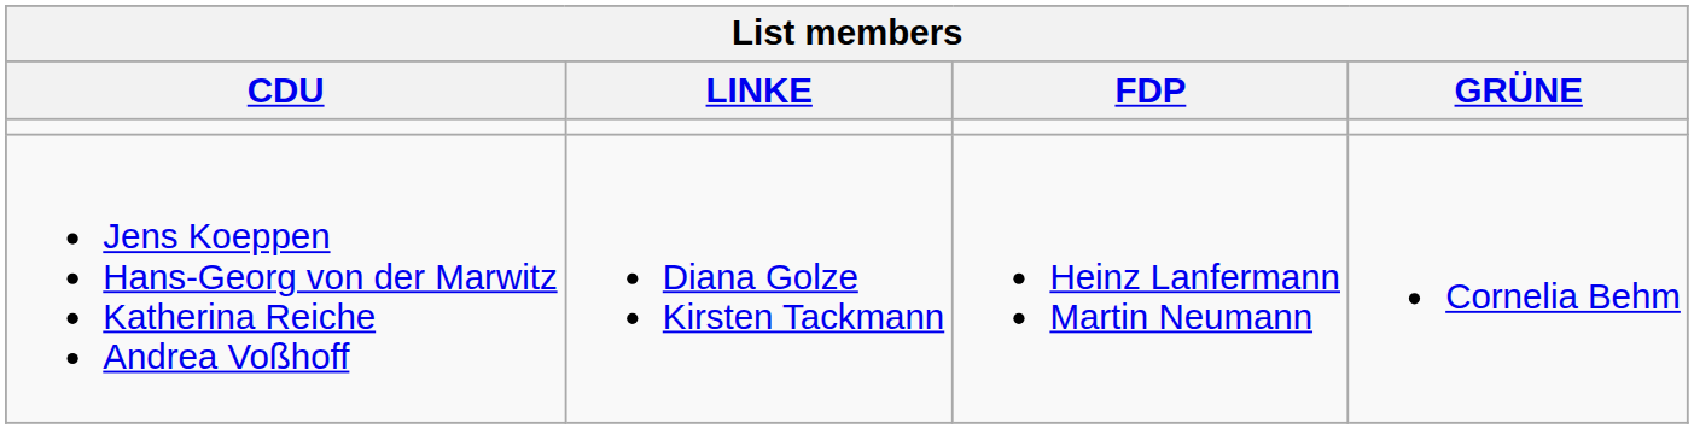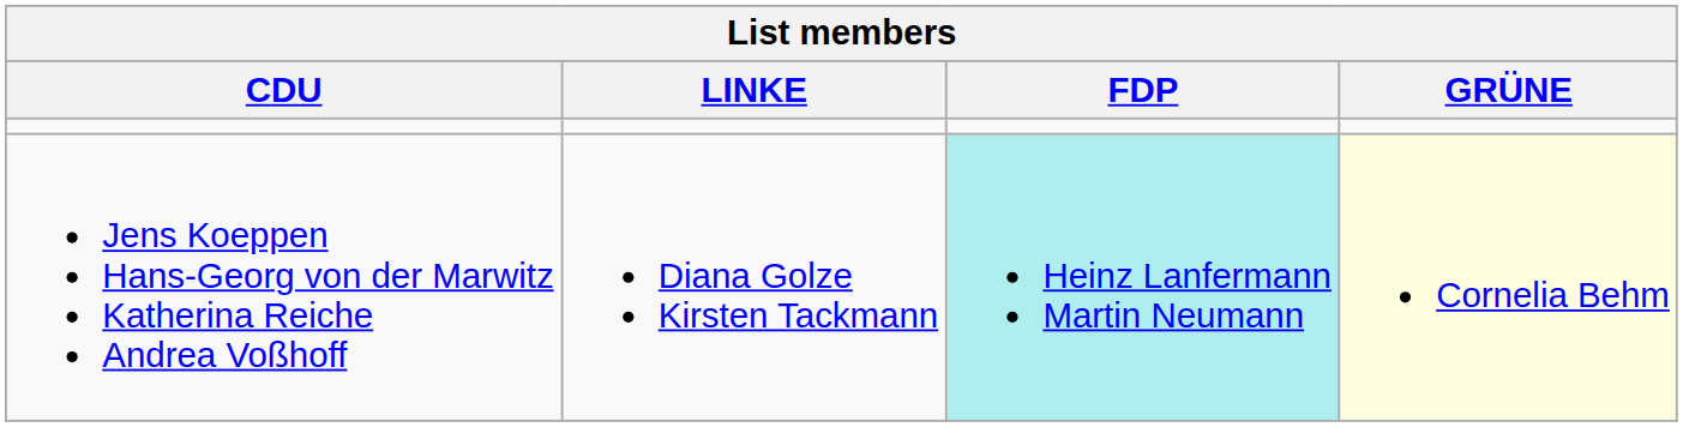 <table class=wikitable>
 <tr>
 <th colspan=4>List members</th>
 </tr>
 <tr>
 <th><a href='#'>CDU</a></th>
 <th><a href='#'>LINKE</a></th>
 <th><a href='#'>FDP</a></th>
 <th><a href='#'>GRÜNE</a></th>
 </tr>
 <tr>
 <td bgcolor=></td>
 <td bgcolor=></td>
 <td bgcolor=></td>
 <td bgcolor=></td>
 </tr>
 <tr>
 <td><br><ul><li><a href='#'>Jens Koeppen</a></li><li><a href='#'>Hans-Georg von der Marwitz</a></li><li><a href='#'>Katherina Reiche</a></li><li><a href='#'>Andrea Voßhoff</a></li></ul></td>
 <td><br><ul><li><a href='#'>Diana Golze</a></li><li><a href='#'>Kirsten Tackmann</a></li></ul></td>
-<td><br><ul><li><a href='#'>Heinz Lanfermann</a></li><li><a href='#'>Martin Neumann</a></li></ul></td>
-<td><br><ul><li><a href='#'>Cornelia Behm</a></li></ul></td>
+<td style="background: paleturquoise;"><br><ul><li><a href='#'>Heinz Lanfermann</a></li><li><a href='#'>Martin Neumann</a></li></ul></td>
+<td style="background: lightyellow;"><br><ul><li><a href='#'>Cornelia Behm</a></li></ul></td>
 </tr>
 </table>
